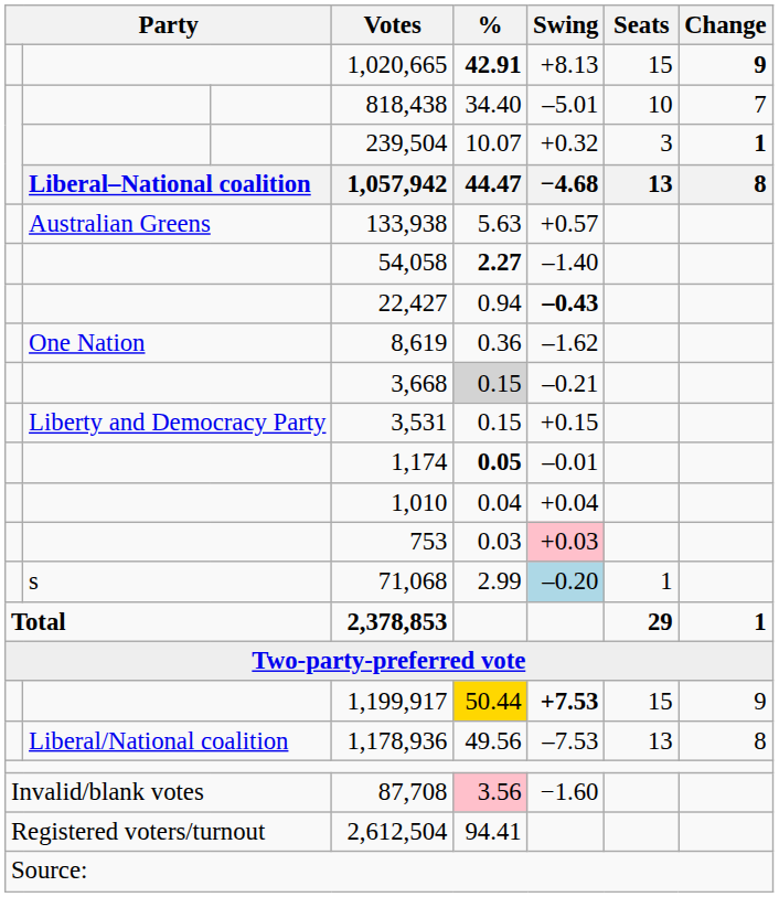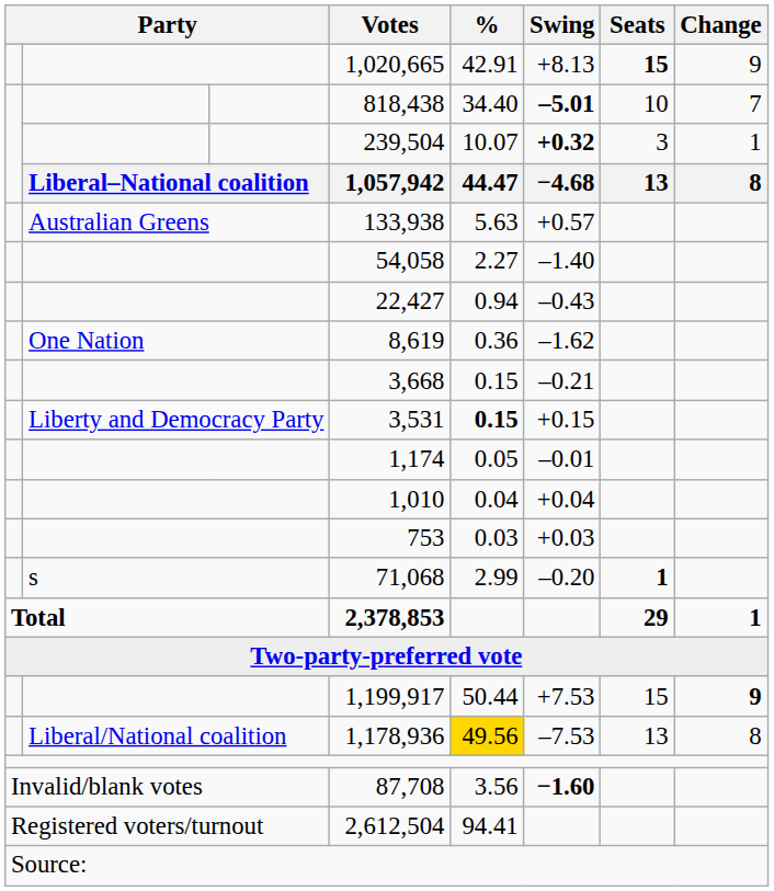 <table class="wikitable">
 <tr>
 <th colspan="3" style="width:200px"><strong>Party</strong></th>
 <th style="width:70px; text-align:center;"><strong>Votes</strong></th>
 <th style="width:40px; text-align:center;"><strong>%</strong></th>
 <th style="width:40px; text-align:center;"><strong>Swing</strong></th>
 <th style="width:40px; text-align:center;"><strong>Seats</strong></th>
 <th style="width:40px; text-align:center;"><strong>Change</strong></th>
 </tr>
 <tr>
 <td> </td>
 <td colspan=2></td>
 <td align=right>1,020,665</td>
-<td align=right><strong>42.91</strong></td>
+<td align=right>42.91</td>
 <td align=right>+8.13</td>
-<td align=right>15</td>
-<td align=right><strong> 9</strong></td>
+<td align=right><strong>15</strong></td>
+<td align=right> 9</td>
 </tr>
 <tr>
 <td rowspan="3"></td>
 <td> </td>
 <td></td>
 <td align=right>818,438</td>
 <td align=right>34.40</td>
-<td align=right>–5.01</td>
+<td align=right><strong>–5.01</strong></td>
 <td align=right>10</td>
 <td align=right> 7</td>
 </tr>
 <tr>
 <td> </td>
 <td></td>
 <td align=right>239,504</td>
 <td align=right>10.07</td>
-<td align=right>+0.32</td>
+<td align=right><strong>+0.32</strong></td>
 <td align=right>3</td>
-<td align=right><strong> 1</strong></td>
+<td align=right> 1</td>
 </tr>
 <tr>
 <th colspan=2  style="text-align:left;"><a href='#'>Liberal–National coalition</a></th>
 <th style="text-align:right;">1,057,942</th>
 <th style="text-align:right;">44.47</th>
 <th style="text-align:right;">−4.68</th>
 <th style="text-align:right;">13</th>
 <th style="text-align:right;"> 8</th>
 </tr>
 <tr>
 <td> </td>
 <td colspan=2><a href='#'>Australian Greens</a></td>
 <td align="right">133,938</td>
 <td align="right">5.63</td>
 <td align="right">+0.57</td>
 <td align="right"></td>
 <td align="right"></td>
 </tr>
 <tr>
 <td> </td>
 <td colspan=2></td>
 <td align="right">54,058</td>
-<td align="right"><strong>2.27</strong></td>
+<td align="right">2.27</td>
 <td align="right">–1.40</td>
 <td align="right"></td>
 <td align="right"></td>
 </tr>
 <tr>
 <td> </td>
 <td colspan=2></td>
 <td align="right">22,427</td>
 <td align="right">0.94</td>
-<td align="right"><strong>–0.43</strong></td>
+<td align="right">–0.43</td>
 <td align="right"></td>
 <td align="right"></td>
 </tr>
 <tr>
 <td> </td>
 <td colspan=2><a href='#'>One Nation</a></td>
 <td align="right">8,619</td>
 <td align="right">0.36</td>
 <td align="right">–1.62</td>
 <td align="right"></td>
 <td align="right"></td>
 </tr>
 <tr>
 <td> </td>
 <td colspan=2></td>
 <td align="right">3,668</td>
-<td align="right" style="background: lightgrey;">0.15</td>
+<td align="right">0.15</td>
 <td align="right">–0.21</td>
 <td align="right"></td>
 <td align="right"></td>
 </tr>
 <tr>
 <td> </td>
 <td colspan=2><a href='#'>Liberty and Democracy Party</a></td>
 <td align="right">3,531</td>
-<td align="right">0.15</td>
+<td align="right"><strong>0.15</strong></td>
 <td align="right">+0.15</td>
 <td align="right"></td>
 <td align="right"></td>
 </tr>
 <tr>
 <td> </td>
 <td colspan=2></td>
 <td align="right">1,174</td>
-<td align="right"><strong>0.05</strong></td>
+<td align="right">0.05</td>
 <td align="right">–0.01</td>
 <td align="right"></td>
 <td align="right"></td>
 </tr>
 <tr>
 <td> </td>
 <td colspan=2></td>
 <td align="right">1,010</td>
 <td align="right">0.04</td>
 <td align="right">+0.04</td>
 <td align="right"></td>
 <td align="right"></td>
 </tr>
 <tr>
 <td> </td>
 <td colspan=2></td>
 <td align="right">753</td>
 <td align="right">0.03</td>
-<td align="right" style="background: pink;">+0.03</td>
+<td align="right">+0.03</td>
 <td align="right"></td>
 <td align="right"></td>
 </tr>
 <tr>
 <td> </td>
 <td colspan=2>s</td>
 <td align="right">71,068</td>
 <td align="right">2.99</td>
-<td align="right" style="background: lightblue;">–0.20</td>
-<td align="right">1</td>
+<td align="right">–0.20</td>
+<td align="right"><strong>1</strong></td>
 <td align="right"></td>
 </tr>
 <tr>
 <td colspan="3"><strong>Total</strong></td>
 <td align="right"><strong>2,378,853</strong></td>
 <td align="right"><strong> </strong></td>
 <td align="right"><strong> </strong></td>
 <td align="right"><strong>29</strong></td>
 <td align="right"><strong> 1</strong></td>
 </tr>
 <tr>
 <td colspan="8" style="text-align:center; background:#eee;"><strong><a href='#'>Two-party-preferred vote</a></strong></td>
 </tr>
 <tr>
 <td> </td>
 <td colspan=2></td>
 <td align=right>1,199,917</td>
-<td align="right" style="background: gold;">50.44</td>
-<td align="right"><strong>+7.53</strong></td>
+<td align="right">50.44</td>
+<td align="right">+7.53</td>
 <td align="right">15</td>
-<td align="right"> 9</td>
+<td align="right"><strong> 9</strong></td>
 </tr>
 <tr>
 <td> </td>
 <td colspan=2><a href='#'>Liberal/National coalition</a></td>
 <td align="right">1,178,936</td>
-<td align="right">49.56</td>
+<td align="right" style="background: gold;">49.56</td>
 <td align="right">–7.53</td>
 <td align="right">13</td>
 <td align="right"> 8</td>
 </tr>
 <tr>
 <td colspan=8></td>
 </tr>
 <tr>
 <td colspan=3 align=left>Invalid/blank votes</td>
 <td align=right>87,708</td>
-<td align=right style="background: pink;">3.56</td>
-<td align=right>−1.60</td>
+<td align=right>3.56</td>
+<td align=right><strong>−1.60</strong></td>
 <td></td>
 <td></td>
 </tr>
 <tr>
 <td colspan=3 align=left>Registered voters/turnout</td>
 <td align=right>2,612,504</td>
 <td align=right>94.41</td>
 <td></td>
 <td></td>
 <td></td>
 </tr>
 <tr>
 <td colspan=8 align=left>Source: </td>
 </tr>
 </table>
